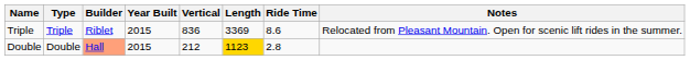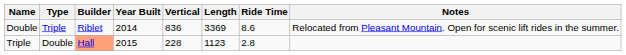 <table class="wikitable">
 <tr>
 <th>Name</th>
 <th>Type</th>
 <th>Builder</th>
 <th>Year Built</th>
 <th>Vertical</th>
 <th>Length</th>
 <th>Ride Time</th>
 <th>Notes</th>
 </tr>
 <tr>
-<td>Triple</td>
+<td>Double</td>
 <td><a href='#'>Triple</a></td>
 <td><a href='#'>Riblet</a></td>
-<td>2015</td>
+<td>2014</td>
 <td>836</td>
 <td>3369</td>
 <td>8.6</td>
 <td>Relocated from <a href='#'>Pleasant Mountain</a>. Open for scenic lift rides in the summer.</td>
 </tr>
 <tr>
-<td>Double</td>
+<td>Triple</td>
 <td>Double</td>
 <td style="background: lightsalmon;"><a href='#'>Hall</a></td>
 <td>2015</td>
-<td>212</td>
-<td style="background: gold;">1123</td>
+<td>228</td>
+<td>1123</td>
 <td>2.8</td>
 <td></td>
 </tr>
 </table>
